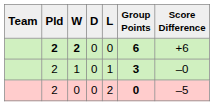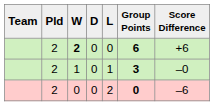 <table style=border-collapse:collapse border=1 cellspacing=0 cellpadding=5>
 <tr align=center bgcolor=#efefef>
 <th>Team</th>
 <th>Pld</th>
 <th>W</th>
 <th>D</th>
 <th>L</th>
 <th><small>Group<br>Points</small></th>
 <th><small>Score<br>Difference</small></th>
 </tr>
 <tr align=center style="background:#D0F0C0;">
 <td style="text-align:left;"> </td>
-<td><strong>2</strong></td>
+<td>2</td>
 <td><strong>2</strong></td>
 <td>0</td>
 <td>0</td>
 <td><strong>6</strong></td>
 <td>+6</td>
 </tr>
 <tr align=center style="background:#D0F0C0;">
 <td style="text-align:left;"> </td>
 <td>2</td>
 <td>1</td>
 <td>0</td>
 <td>1</td>
 <td><strong>3</strong></td>
 <td>–0</td>
 </tr>
 <tr align=center style="background:#fcc;">
 <td style="text-align:left;"> </td>
 <td>2</td>
 <td>0</td>
 <td>0</td>
 <td>2</td>
 <td><strong>0</strong></td>
-<td>–5</td>
+<td>–6</td>
 </tr>
 </table>
